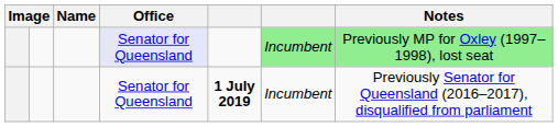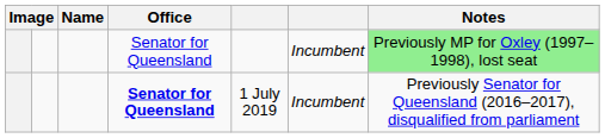 <table class="wikitable" style="text-align:center" "width:100%">
 <tr>
 <th colspan=2>Image</th>
 <th>Name<br></th>
 <th>Office</th>
 <th></th>
 <th></th>
 <th>Notes</th>
 </tr>
 <tr>
 <th style="background:"></th>
 <td></td>
 <td><br></td>
-<td style="background: lavender;"><a href='#'>Senator for Queensland</a></td>
+<td><a href='#'>Senator for Queensland</a></td>
 <td></td>
-<td style="background: lightgreen;"><em>Incumbent</em></td>
+<td><em>Incumbent</em></td>
 <td style="background: lightgreen;">Previously MP for <a href='#'>Oxley</a> (1997–1998), lost seat</td>
 </tr>
 <tr>
 <th style="background:"></th>
 <td></td>
 <td><br></td>
-<td><a href='#'>Senator for Queensland</a></td>
-<td><strong>1 July 2019</strong></td>
+<td><strong><a href='#'>Senator for Queensland</a></strong></td>
+<td>1 July 2019</td>
 <td><em>Incumbent</em></td>
 <td>Previously <a href='#'>Senator for Queensland</a> (2016–2017), <a href='#'>disqualified from parliament</a></td>
 </tr>
 </table>
